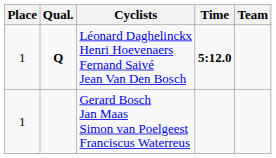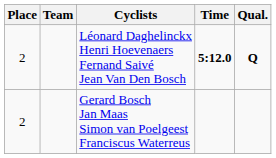 <table class=wikitable style="text-align:center">
 <tr>
 <th>Place</th>
-<th>Qual.</th>
+<th>Team</th>
 <th>Cyclists</th>
 <th>Time</th>
-<th>Team</th>
+<th>Qual.</th>
 </tr>
 <tr>
-<td>1</td>
-<td><strong>Q</strong></td>
+<td>2</td>
+<td align=left></td>
 <td align=left><a href='#'>Léonard Daghelinckx</a> <br> <a href='#'>Henri Hoevenaers</a> <br> <a href='#'>Fernand Saivé</a> <br> <a href='#'>Jean Van Den Bosch</a></td>
 <td><strong>5:12.0</strong></td>
-<td align=left></td>
+<td><strong>Q</strong></td>
 </tr>
 <tr>
-<td>1</td>
-<td></td>
+<td>2</td>
+<td align=left></td>
 <td align=left><a href='#'>Gerard Bosch</a> <br> <a href='#'>Jan Maas</a> <br> <a href='#'>Simon van Poelgeest</a> <br> <a href='#'>Franciscus Waterreus</a></td>
 <td></td>
-<td align=left></td>
+<td></td>
 </tr>
 </table>
